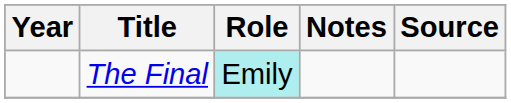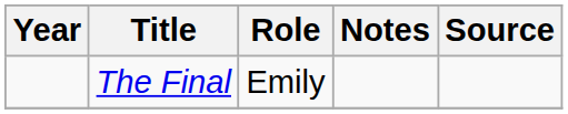 <table class="wikitable sortable plainrowheaders">
 <tr>
 <th>Year</th>
 <th>Title</th>
 <th>Role</th>
 <th class="unsortable">Notes</th>
 <th class="unsortable">Source</th>
 </tr>
 <tr>
 <td></td>
 <td><em><a href='#'>The Final</a></em></td>
-<td style="background: paleturquoise;">Emily</td>
+<td>Emily</td>
 <td></td>
 <td></td>
 </tr>
 <tr>
 </tr>
 </table>
